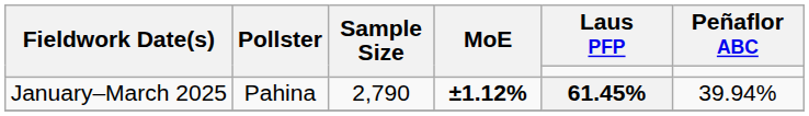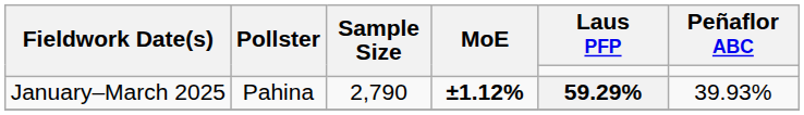 <table class="wikitable" style="text-align:center;font-size:90%;line-height:15px">
 <tr>
 <th rowspan="2">Fieldwork Date(s)</th>
 <th rowspan="2">Pollster</th>
 <th rowspan="2" style="width:60px;">Sample Size</th>
 <th rowspan="2" style="width:60px;">MoE</th>
 <th style="width:75px;">Laus<br><small><a href='#'>PFP</a></small></th>
 <th style="width:75px;">Peñaflor<br><small><a href='#'>ABC</a></small></th>
 </tr>
 <tr>
 <td style="background:"></td>
 <td style="background:"></td>
 </tr>
 <tr>
 <td>January–March 2025</td>
 <td>Pahina</td>
 <td>2,790</td>
 <td><strong>±1.12%</strong></td>
-<th style="background-color:#">61.45%</th>
-<td>39.94%</td>
+<th style="background-color:#">59.29%</th>
+<td>39.93%</td>
 </tr>
 <tr>
 </tr>
 </table>
